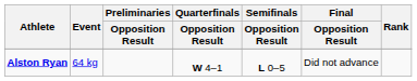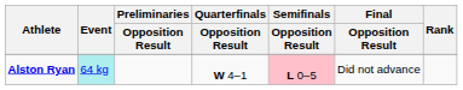 <table class="wikitable" border="1" style="font-size:90%">
 <tr>
 <th rowspan=2>Athlete</th>
 <th rowspan=2>Event</th>
 <th>Preliminaries</th>
 <th>Quarterfinals</th>
 <th>Semifinals</th>
 <th>Final</th>
 <th rowspan="2">Rank</th>
 </tr>
 <tr>
 <th>Opposition<br>Result</th>
 <th>Opposition<br>Result</th>
 <th>Opposition<br>Result</th>
 <th>Opposition<br>Result</th>
 </tr>
 <tr>
 </tr>
 <tr align=center>
 <td align=left><strong><a href='#'>Alston Ryan</a></strong></td>
-<td align=left><a href='#'>64 kg</a></td>
+<td align=left style="background: paleturquoise;"><a href='#'>64 kg</a></td>
 <td></td>
 <td><br><strong>W</strong> 4–1</td>
-<td><br><strong>L</strong> 0–5</td>
+<td style="background: pink;"><br><strong>L</strong> 0–5</td>
 <td>Did not advance</td>
 <td></td>
 </tr>
 </table>
